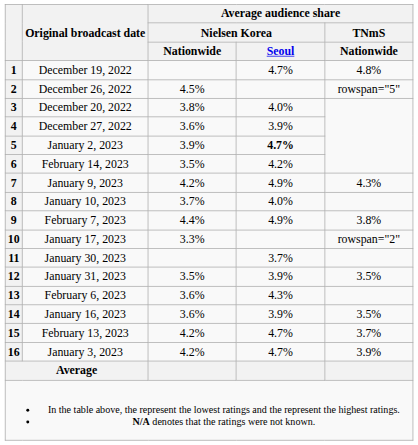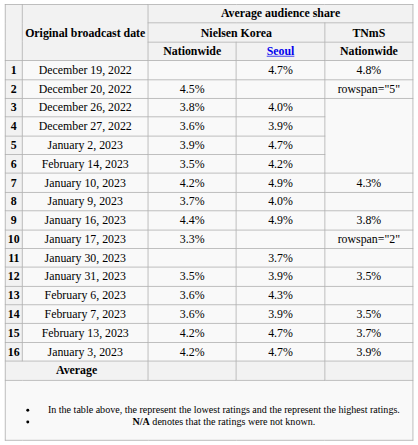 <table class="wikitable" style="text-align:center; max-width:600px; margin-left:auto; margin-right:auto">
 <tr>
 <th scope="col" rowspan="3"></th>
 <th scope="col" rowspan="3">Original broadcast date</th>
 <th scope="col" colspan="3">Average audience share</th>
 </tr>
 <tr>
 <th scope="col" colspan="2">Nielsen Korea</th>
 <th scope="col">TNmS</th>
 </tr>
 <tr>
 <th scope="col" style="width:7em">Nationwide</th>
 <th scope="col" style="width:7em"><a href='#'>Seoul</a></th>
 <th scope="col" style="width:7em">Nationwide</th>
 </tr>
 <tr>
 <th scope="col">1</th>
 <td>December 19, 2022</td>
 <td><strong></strong> </td>
 <td>4.7% </td>
 <td>4.8% </td>
 </tr>
 <tr>
 <th scope="col">2</th>
-<td>December 26, 2022</td>
+<td>December 20, 2022</td>
 <td>4.5% </td>
 <td><strong></strong> </td>
 <td>rowspan="5" </td>
 </tr>
 <tr>
 <th scope="col">3</th>
-<td>December 20, 2022</td>
+<td>December 26, 2022</td>
 <td>3.8% </td>
 <td>4.0% </td>
 </tr>
 <tr>
 <th scope="col">4</th>
 <td>December 27, 2022</td>
 <td>3.6% </td>
 <td>3.9% </td>
 </tr>
 <tr>
 <th scope="col">5</th>
 <td>January 2, 2023</td>
 <td>3.9% </td>
-<td><strong>4.7% </strong></td>
+<td>4.7% </td>
 </tr>
 <tr>
 <th scope="col">6</th>
 <td>February 14, 2023</td>
 <td>3.5% </td>
 <td>4.2% </td>
 </tr>
 <tr>
 <th scope="col">7</th>
-<td>January 9, 2023</td>
+<td>January 10, 2023</td>
 <td>4.2% </td>
 <td>4.9% </td>
 <td>4.3% </td>
 </tr>
 <tr>
 <th scope="col">8</th>
-<td>January 10, 2023</td>
+<td>January 9, 2023</td>
 <td>3.7% </td>
 <td>4.0% </td>
 <td></td>
 </tr>
 <tr>
 <th scope="col">9</th>
-<td>February 7, 2023</td>
+<td>January 16, 2023</td>
 <td>4.4% </td>
 <td>4.9% </td>
 <td>3.8% </td>
 </tr>
 <tr>
 <th scope="col">10</th>
 <td>January 17, 2023</td>
 <td>3.3% </td>
 <td><strong></strong> </td>
 <td>rowspan="2" </td>
 </tr>
 <tr>
 <th scope="col">11</th>
 <td>January 30, 2023</td>
 <td><strong></strong> </td>
 <td>3.7% </td>
 </tr>
 <tr>
 <th scope="col">12</th>
 <td>January 31, 2023</td>
 <td>3.5% </td>
 <td>3.9% </td>
 <td>3.5% </td>
 </tr>
 <tr>
 <th scope="col">13</th>
 <td>February 6, 2023</td>
 <td>3.6% </td>
 <td>4.3% </td>
 <td></td>
 </tr>
 <tr>
 <th scope="col">14</th>
-<td>January 16, 2023</td>
+<td>February 7, 2023</td>
 <td>3.6% </td>
 <td>3.9% </td>
 <td>3.5% </td>
 </tr>
 <tr>
 <th scope="col">15</th>
 <td>February 13, 2023</td>
 <td>4.2% </td>
 <td>4.7% </td>
 <td>3.7% </td>
 </tr>
 <tr>
 <th scope="col">16</th>
 <td>January 3, 2023</td>
 <td>4.2% </td>
 <td>4.7% </td>
 <td>3.9% </td>
 </tr>
 <tr>
 <th scope="col" colspan="2">Average</th>
 <th scope="col"></th>
 <th scope="col"></th>
 <th scope="col"></th>
 </tr>
 <tr>
 <td colspan="6" style="font-size:85%"><br><ul><li>In the table above, the <strong></strong> represent the lowest ratings and the <strong></strong> represent the highest ratings.</li><li><strong>N/A</strong> denotes that the ratings were not known.</li></ul></td>
 </tr>
 </table>
